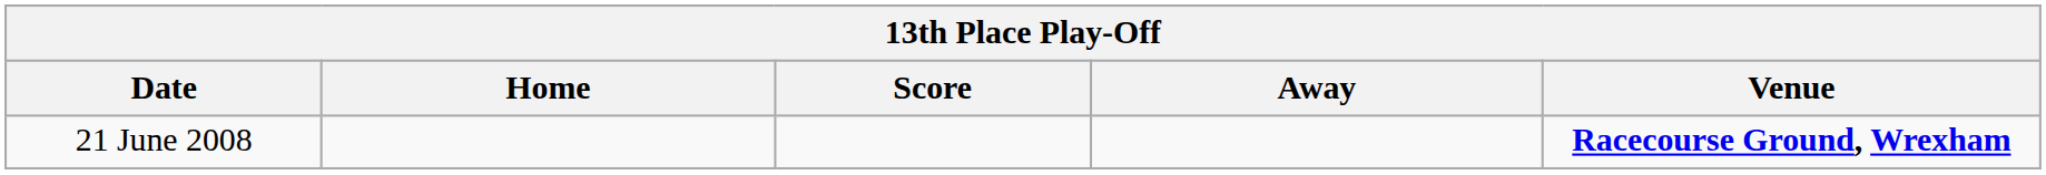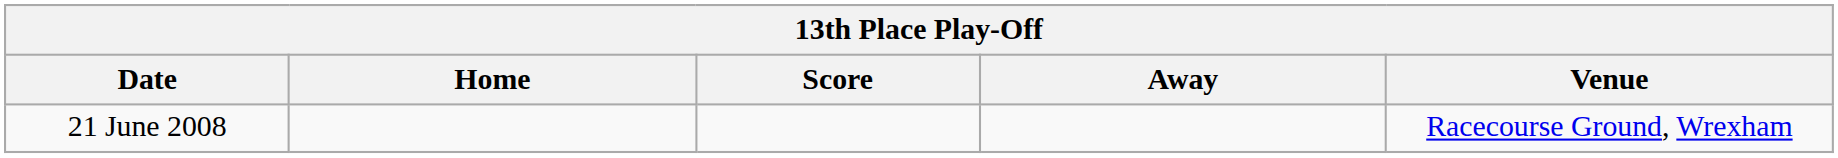 <table class="wikitable" style="font-size:90%; width: 100%; text-align: center;">
 <tr>
 <th colspan=5>13th Place Play-Off</th>
 </tr>
 <tr>
 <th width=7%>Date</th>
 <th width=10%>Home</th>
 <th width=7%>Score</th>
 <th width=10%>Away</th>
 <th width=11%>Venue</th>
 </tr>
 <tr>
 <td>21 June 2008</td>
 <td></td>
 <td></td>
 <td></td>
-<td><strong><a href='#'>Racecourse Ground</a>, <a href='#'>Wrexham</a></strong></td>
+<td><a href='#'>Racecourse Ground</a>, <a href='#'>Wrexham</a></td>
 </tr>
 </table>
